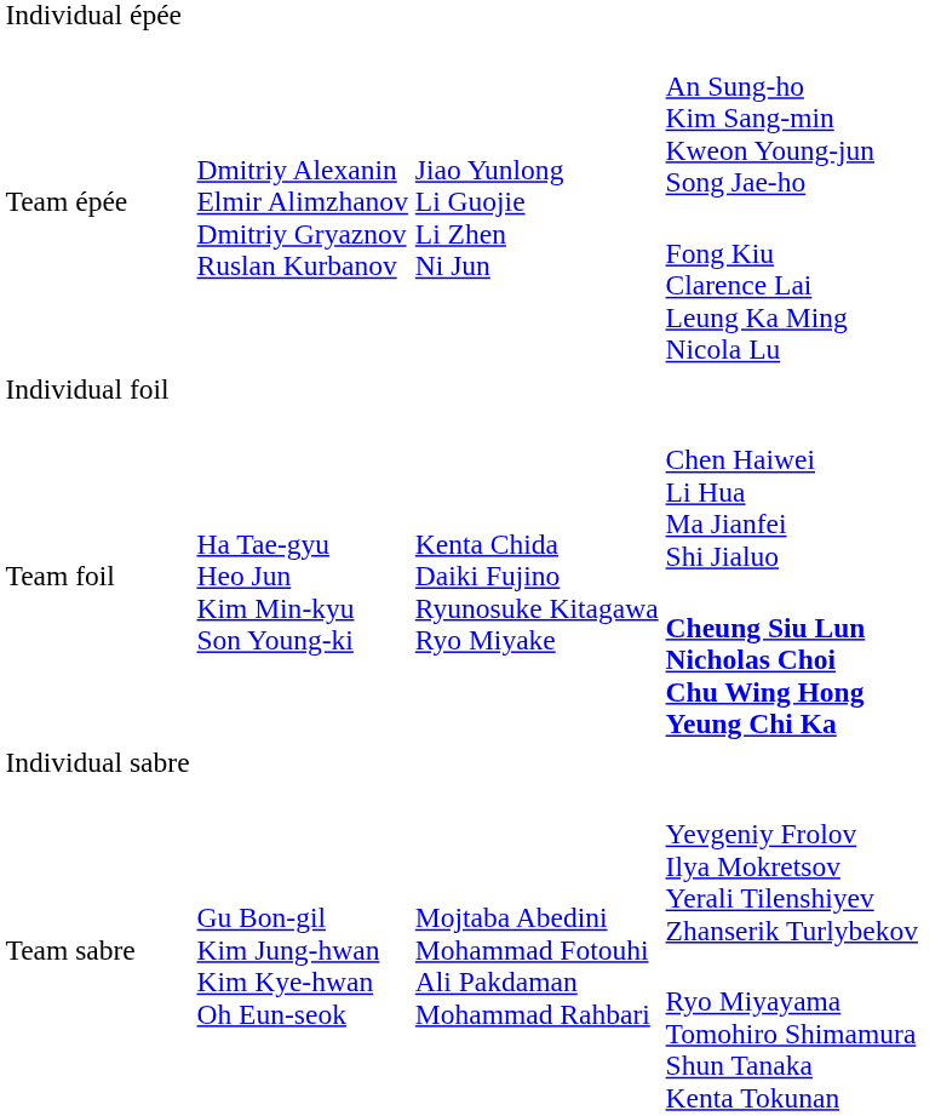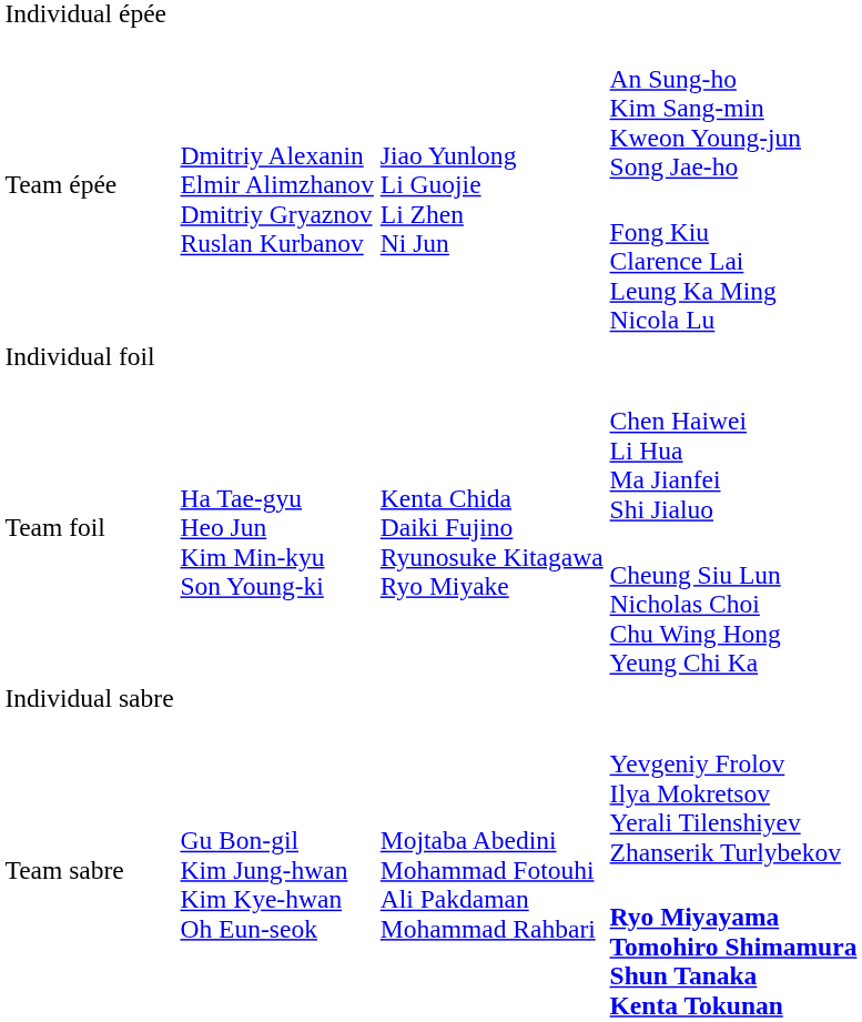 <table>
 <tr>
 <td rowspan=2>Individual épée</td>
 <td rowspan=2></td>
 <td rowspan=2></td>
 <td></td>
 </tr>
 <tr>
 <td></td>
 </tr>
 <tr>
 <td rowspan=2>Team épée</td>
 <td rowspan=2><br><a href='#'>Dmitriy Alexanin</a><br><a href='#'>Elmir Alimzhanov</a><br><a href='#'>Dmitriy Gryaznov</a><br><a href='#'>Ruslan Kurbanov</a></td>
 <td rowspan=2><br><a href='#'>Jiao Yunlong</a><br><a href='#'>Li Guojie</a><br><a href='#'>Li Zhen</a><br><a href='#'>Ni Jun</a></td>
 <td><br><a href='#'>An Sung-ho</a><br><a href='#'>Kim Sang-min</a><br><a href='#'>Kweon Young-jun</a><br><a href='#'>Song Jae-ho</a></td>
 </tr>
 <tr>
 <td><br><a href='#'>Fong Kiu</a><br><a href='#'>Clarence Lai</a><br><a href='#'>Leung Ka Ming</a><br><a href='#'>Nicola Lu</a></td>
 </tr>
 <tr>
 <td rowspan=2>Individual foil</td>
 <td rowspan=2></td>
 <td rowspan=2></td>
 <td></td>
 </tr>
 <tr>
 <td></td>
 </tr>
 <tr>
 <td rowspan=2>Team foil</td>
 <td rowspan=2><br><a href='#'>Ha Tae-gyu</a><br><a href='#'>Heo Jun</a><br><a href='#'>Kim Min-kyu</a><br><a href='#'>Son Young-ki</a></td>
 <td rowspan=2><br><a href='#'>Kenta Chida</a><br><a href='#'>Daiki Fujino</a><br><a href='#'>Ryunosuke Kitagawa</a><br><a href='#'>Ryo Miyake</a></td>
 <td><br><a href='#'>Chen Haiwei</a><br><a href='#'>Li Hua</a><br><a href='#'>Ma Jianfei</a><br><a href='#'>Shi Jialuo</a></td>
 </tr>
 <tr>
-<td><strong><br><a href='#'>Cheung Siu Lun</a><br><a href='#'>Nicholas Choi</a><br><a href='#'>Chu Wing Hong</a><br><a href='#'>Yeung Chi Ka</a></strong></td>
+<td><br><a href='#'>Cheung Siu Lun</a><br><a href='#'>Nicholas Choi</a><br><a href='#'>Chu Wing Hong</a><br><a href='#'>Yeung Chi Ka</a></td>
 </tr>
 <tr>
 <td rowspan=2>Individual sabre</td>
 <td rowspan=2></td>
 <td rowspan=2></td>
 <td></td>
 </tr>
 <tr>
 <td></td>
 </tr>
 <tr>
 <td rowspan=2>Team sabre</td>
 <td rowspan=2><br><a href='#'>Gu Bon-gil</a><br><a href='#'>Kim Jung-hwan</a><br><a href='#'>Kim Kye-hwan</a><br><a href='#'>Oh Eun-seok</a></td>
 <td rowspan=2><br><a href='#'>Mojtaba Abedini</a><br><a href='#'>Mohammad Fotouhi</a><br><a href='#'>Ali Pakdaman</a><br><a href='#'>Mohammad Rahbari</a></td>
 <td><br><a href='#'>Yevgeniy Frolov</a><br><a href='#'>Ilya Mokretsov</a><br><a href='#'>Yerali Tilenshiyev</a><br><a href='#'>Zhanserik Turlybekov</a></td>
 </tr>
 <tr>
-<td><br><a href='#'>Ryo Miyayama</a><br><a href='#'>Tomohiro Shimamura</a><br><a href='#'>Shun Tanaka</a><br><a href='#'>Kenta Tokunan</a></td>
+<td><strong><br><a href='#'>Ryo Miyayama</a><br><a href='#'>Tomohiro Shimamura</a><br><a href='#'>Shun Tanaka</a><br><a href='#'>Kenta Tokunan</a></strong></td>
 </tr>
 </table>
